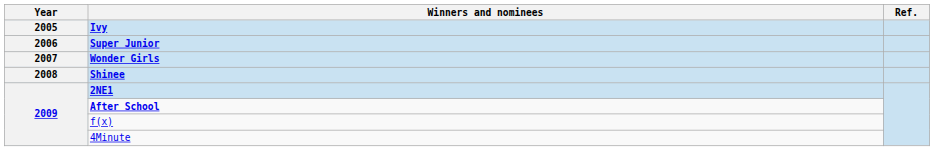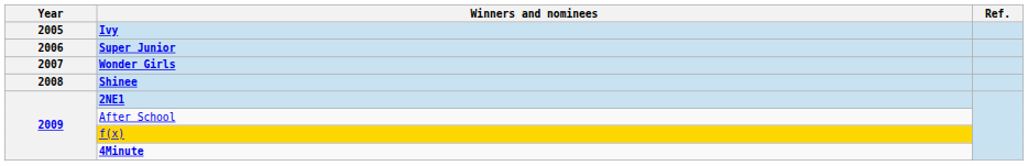 <table class="wikitable plainrowheaders" width="99%">
 <tr>
 <th width="9%">Year</th>
 <th width="86%">Winners and nominees</th>
 <th width="5%">Ref.</th>
 </tr>
 <tr style="background:#c9e2f2">
 <th>2005</th>
 <td><strong><a href='#'>Ivy</a></strong></td>
 <td style="text-align:center;"></td>
 </tr>
 <tr style="background:#c9e2f2">
 <th>2006</th>
 <td><strong><a href='#'>Super Junior</a></strong></td>
 <td style="text-align:center;"></td>
 </tr>
 <tr style="background:#c9e2f2">
 <th>2007</th>
 <td><strong><a href='#'>Wonder Girls</a></strong></td>
 <td style="text-align:center;"></td>
 </tr>
 <tr style="background:#c9e2f2">
 <th>2008</th>
 <td><strong><a href='#'>Shinee</a></strong></td>
 <td style="text-align:center;"></td>
 </tr>
 <tr style="background:#c9e2f2">
 <th rowspan="4"><a href='#'>2009</a></th>
 <td><strong><a href='#'>2NE1</a></strong></td>
 <td rowspan="4" style="text-align:center;"></td>
 </tr>
 <tr>
-<td><strong><a href='#'>After School</a></strong></td>
+<td><a href='#'>After School</a></td>
 </tr>
 <tr>
-<td><a href='#'>f(x)</a></td>
+<td style="background: gold;"><a href='#'>f(x)</a></td>
 </tr>
 <tr>
-<td><a href='#'>4Minute</a></td>
+<td><strong><a href='#'>4Minute</a></strong></td>
 </tr>
 </table>
